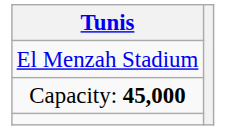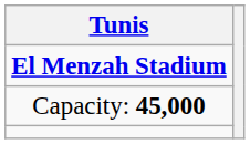 <table class="wikitable" style="margin:auto;text-align:center">
 <tr>
 <th><a href='#'>Tunis</a></th>
 <th rowspan="4"></th>
 </tr>
 <tr>
-<td><a href='#'>El Menzah Stadium</a></td>
+<td><strong><a href='#'>El Menzah Stadium</a></strong></td>
 </tr>
 <tr>
 <td>Capacity: <strong>45,000</strong></td>
 </tr>
 <tr>
 <td></td>
 </tr>
 </table>
